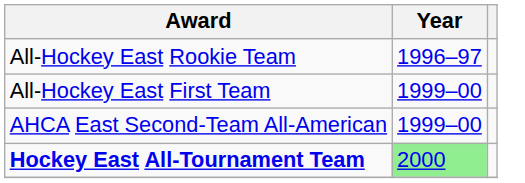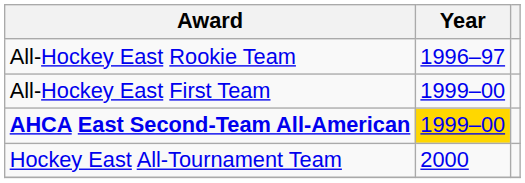 <table class="wikitable">
 <tr>
 <th>Award</th>
 <th>Year</th>
 <th></th>
 </tr>
 <tr>
 <td>All-<a href='#'>Hockey East</a> <a href='#'>Rookie Team</a></td>
 <td><a href='#'>1996–97</a></td>
 <td></td>
 </tr>
 <tr>
 <td>All-<a href='#'>Hockey East</a> <a href='#'>First Team</a></td>
 <td><a href='#'>1999–00</a></td>
 <td></td>
 </tr>
 <tr>
-<td><a href='#'>AHCA</a> <a href='#'>East Second-Team All-American</a></td>
-<td><a href='#'>1999–00</a></td>
+<td><strong><a href='#'>AHCA</a> <a href='#'>East Second-Team All-American</a></strong></td>
+<td style="background: gold;"><a href='#'>1999–00</a></td>
 <td></td>
 </tr>
 <tr>
-<td><strong><a href='#'>Hockey East</a> <a href='#'>All-Tournament Team</a></strong></td>
-<td style="background: lightgreen;"><a href='#'>2000</a></td>
+<td><a href='#'>Hockey East</a> <a href='#'>All-Tournament Team</a></td>
+<td><a href='#'>2000</a></td>
 <td></td>
 </tr>
 <tr>
 </tr>
 </table>
